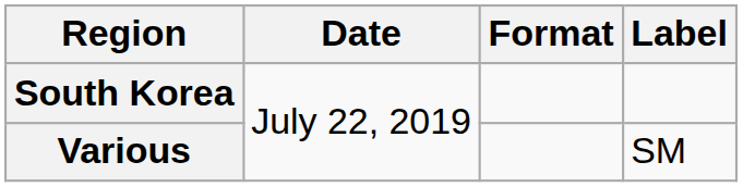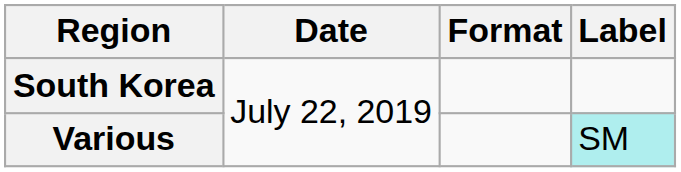 <table class="wikitable plainrowheaders">
 <tr>
 <th scope="col">Region</th>
 <th scope="col">Date</th>
 <th scope="col">Format</th>
 <th scope="col">Label</th>
 </tr>
 <tr>
 <th scope="row">South Korea</th>
 <td rowspan="2">July 22, 2019</td>
 <td></td>
 <td></td>
 </tr>
 <tr>
 <th scope="row">Various </th>
 <td></td>
-<td>SM</td>
+<td style="background: paleturquoise;">SM</td>
 </tr>
 </table>
